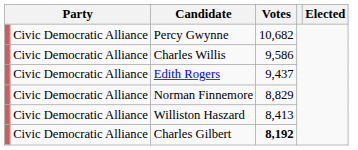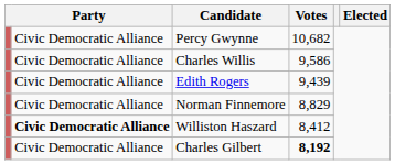 <table class="wikitable">
 <tr>
 <th colspan="2">Party</th>
 <th>Candidate</th>
 <th>Votes</th>
 <th></th>
 <th>Elected<br>     </th>
 </tr>
 <tr>
 <td bgcolor="indianred"></td>
 <td>Civic Democratic Alliance</td>
 <td>Percy Gwynne</td>
 <td align="right">10,682</td>
 </tr>
 <tr>
 <td bgcolor="indianred"></td>
 <td>Civic Democratic Alliance</td>
 <td>Charles Willis</td>
 <td align="right">9,586</td>
 </tr>
 <tr>
 <td bgcolor="indianred"></td>
 <td>Civic Democratic Alliance</td>
 <td><a href='#'>Edith Rogers</a></td>
-<td align="right">9,437</td>
+<td align="right">9,439</td>
 </tr>
 <tr>
 <td bgcolor="indianred"></td>
 <td>Civic Democratic Alliance</td>
 <td>Norman Finnemore</td>
 <td align="right">8,829</td>
 </tr>
 <tr>
 <td bgcolor="indianred"></td>
-<td>Civic Democratic Alliance</td>
+<td><strong>Civic Democratic Alliance</strong></td>
 <td>Williston Haszard</td>
-<td align="right">8,413</td>
+<td align="right">8,412</td>
 </tr>
 <tr>
 <td bgcolor="indianred"></td>
 <td>Civic Democratic Alliance</td>
 <td>Charles Gilbert</td>
 <td align="right"><strong>8,192<br></strong></td>
 </tr>
 </table>
